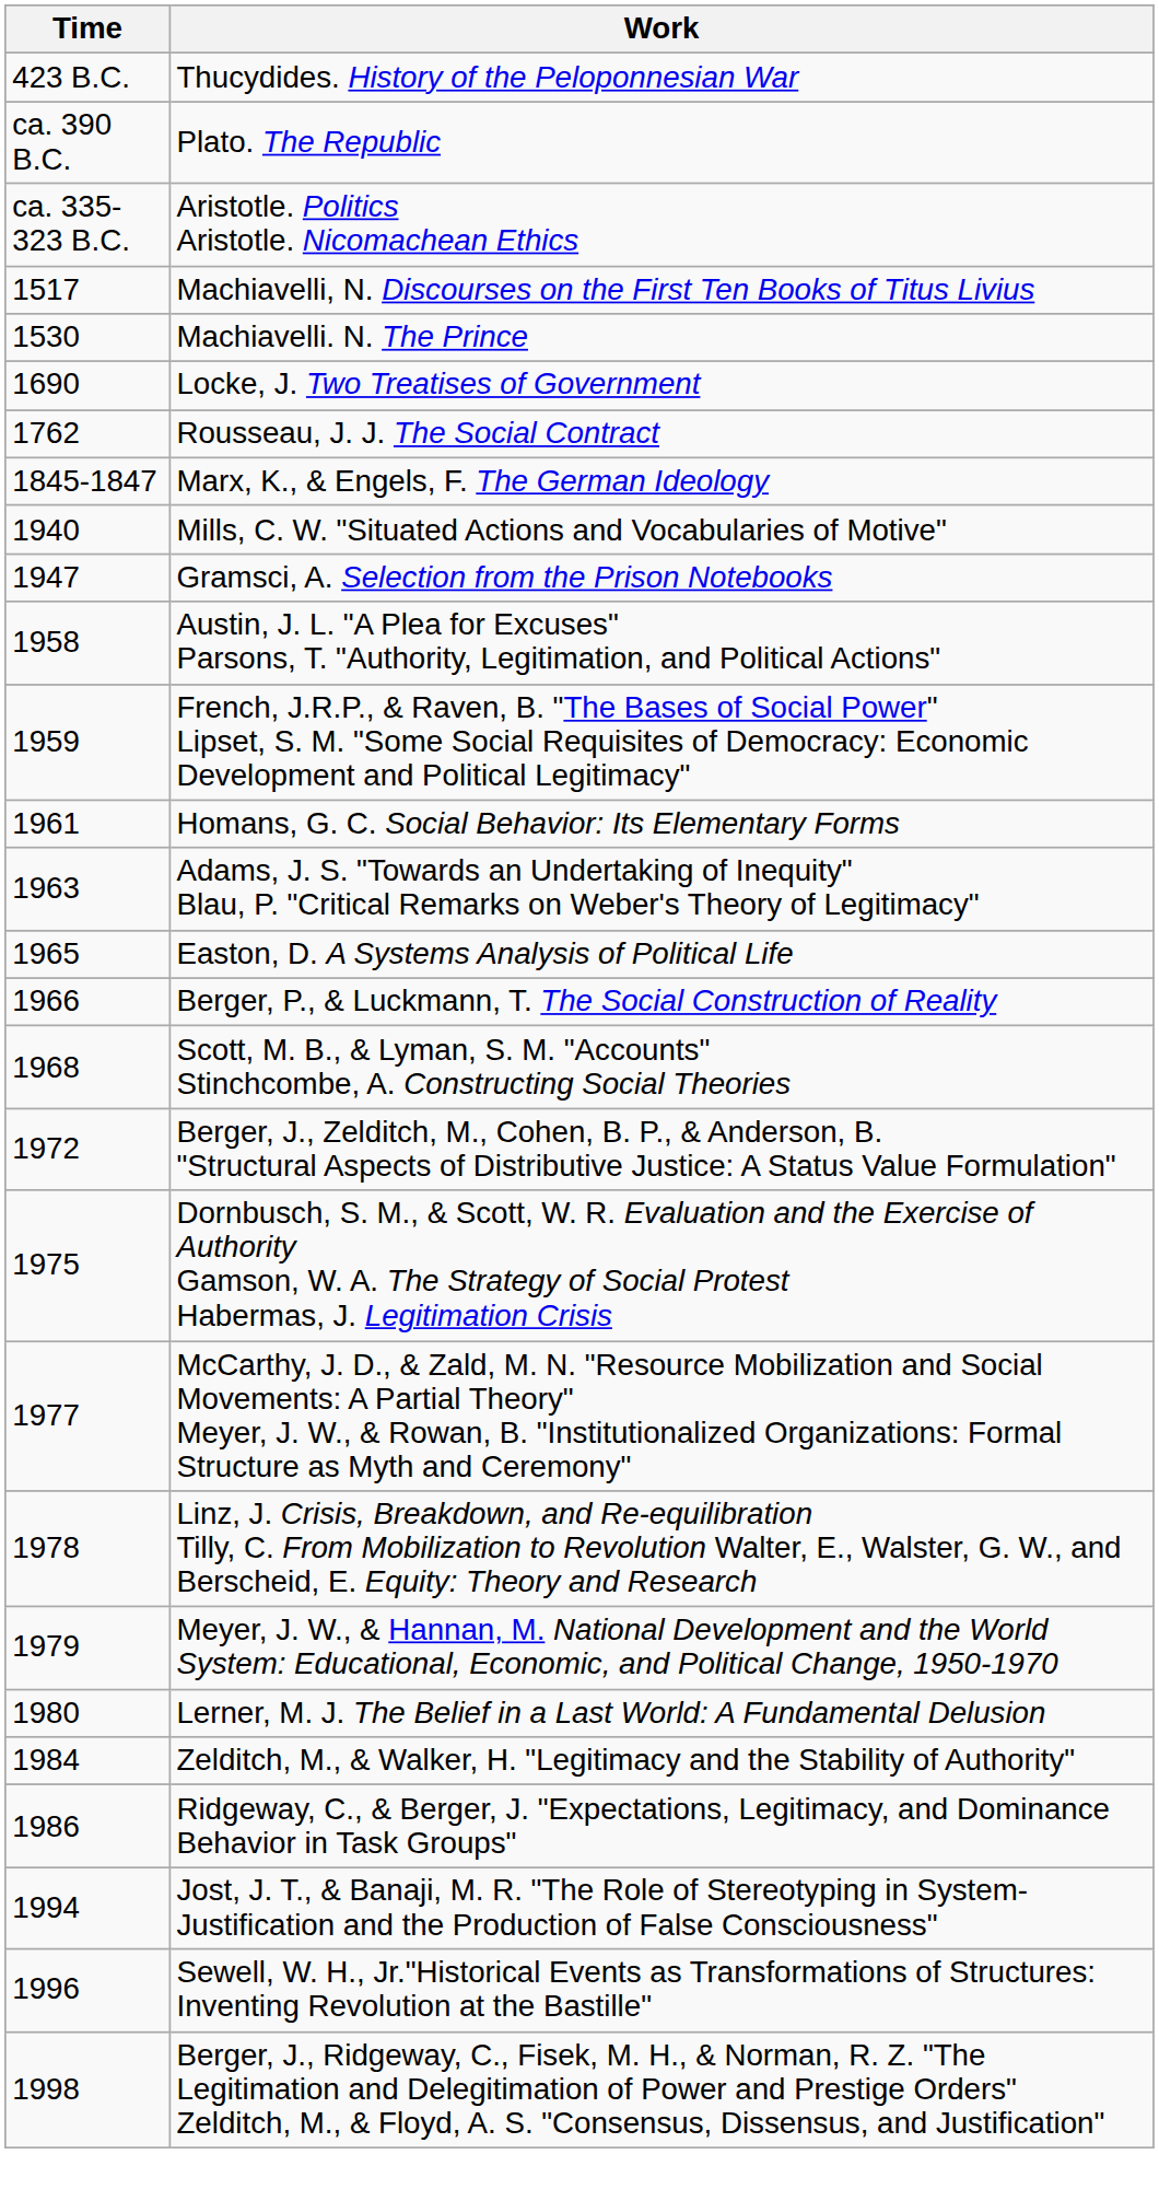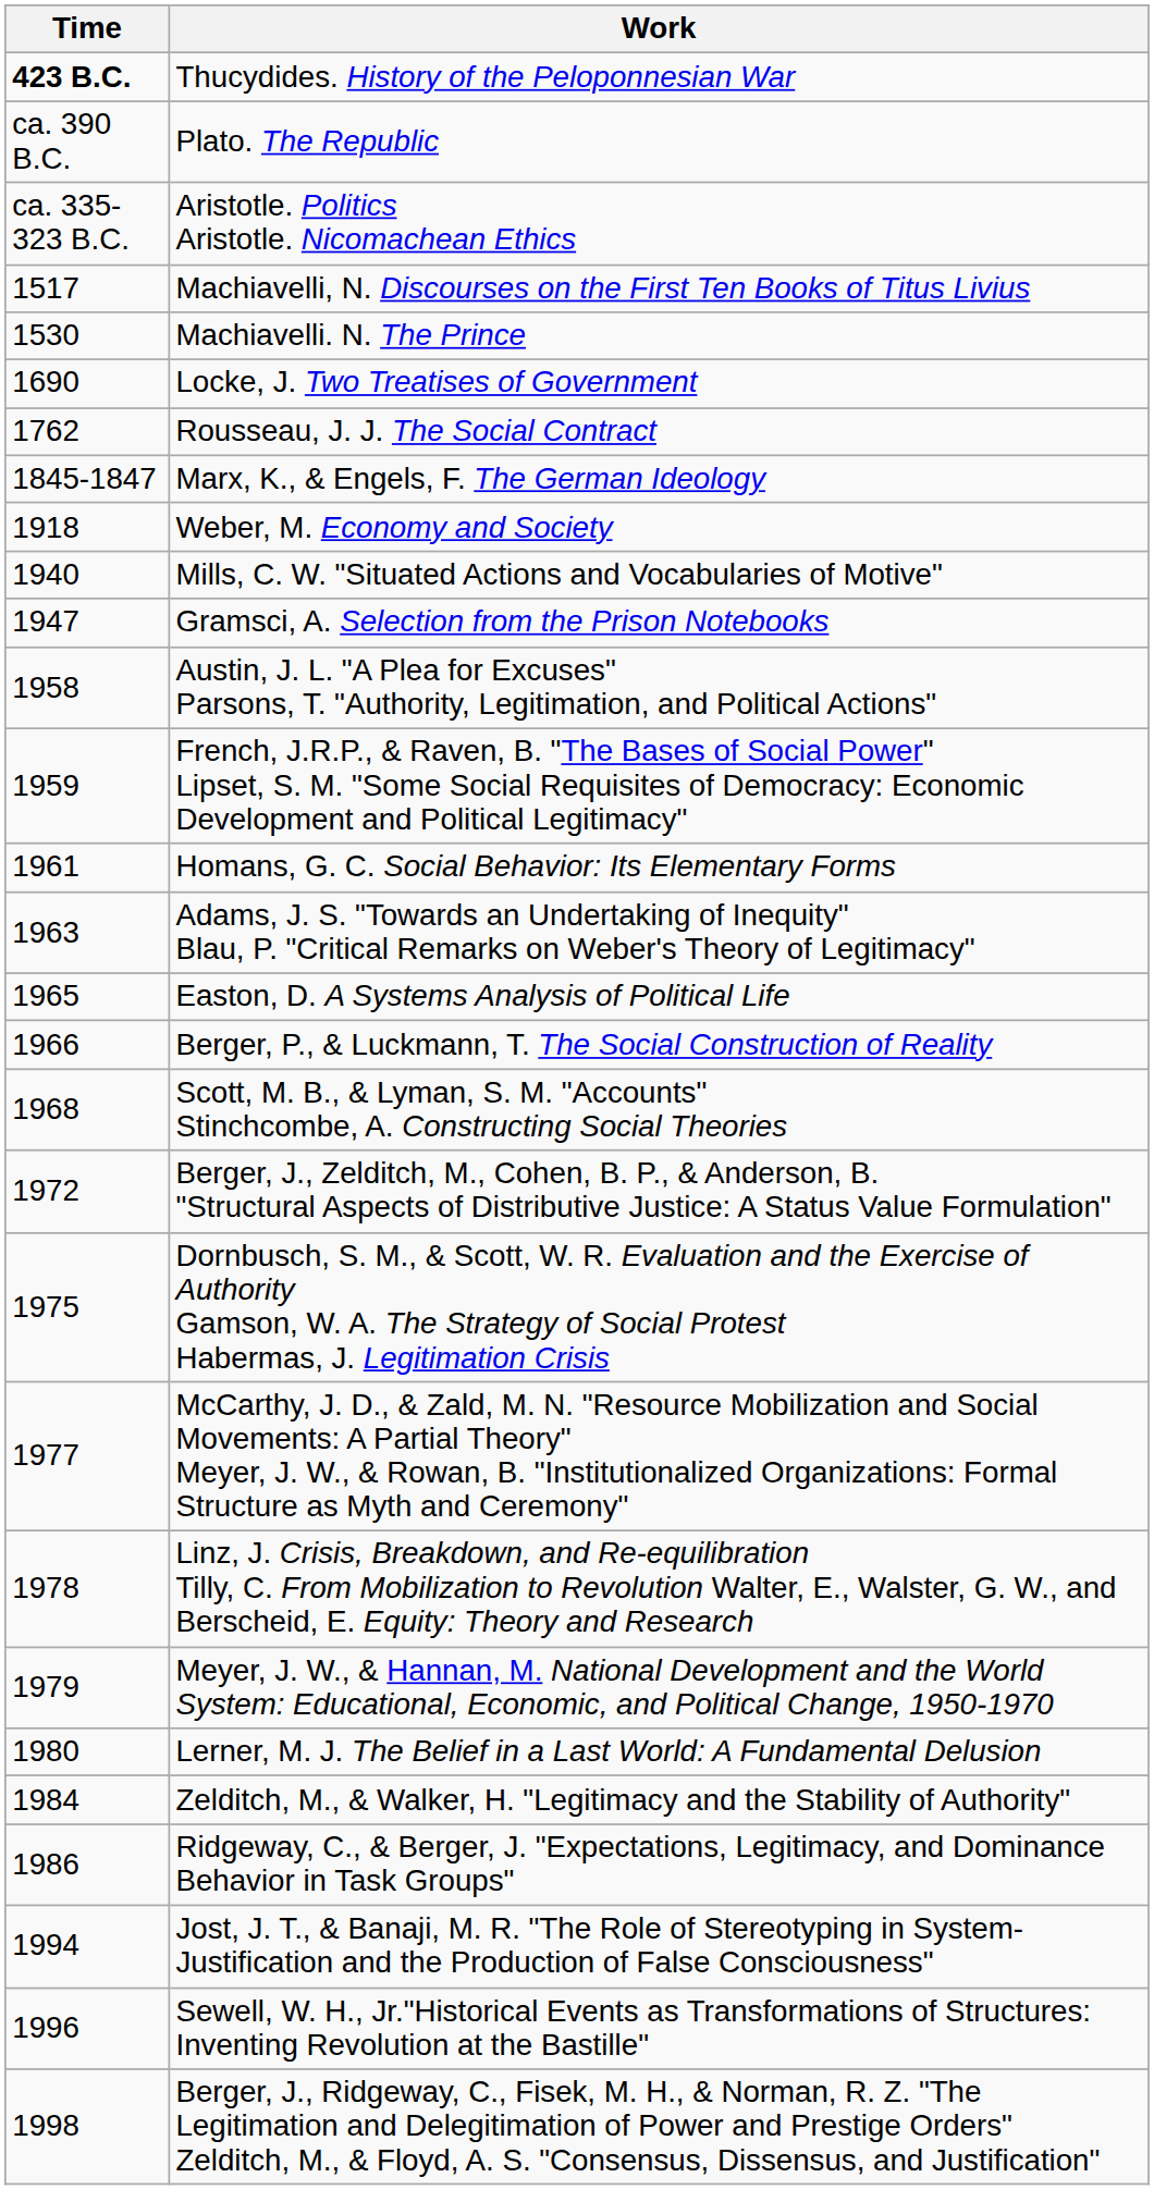 <table class="wikitable">
 <tr>
 <th>Time</th>
 <th>Work</th>
 </tr>
 <tr>
-<td>423 B.C.</td>
+<td><strong>423 B.C.</strong></td>
 <td>Thucydides. <em><a href='#'>History of the Peloponnesian War</a></em></td>
 </tr>
 <tr>
 <td>ca. 390 B.C.</td>
 <td>Plato. <em><a href='#'>The Republic</a></em></td>
 </tr>
 <tr>
 <td>ca. 335-323 B.C.</td>
 <td>Aristotle. <em><a href='#'>Politics</a></em><br>Aristotle. <em><a href='#'>Nicomachean Ethics</a></em></td>
 </tr>
 <tr>
 <td>1517</td>
 <td>Machiavelli, N. <em><a href='#'>Discourses on the First Ten Books of Titus Livius</a></em></td>
 </tr>
 <tr>
 <td>1530</td>
 <td>Machiavelli. N. <em><a href='#'>The Prince</a></em></td>
 </tr>
 <tr>
 <td>1690</td>
 <td>Locke, J. <em><a href='#'>Two Treatises of Government</a></em></td>
 </tr>
 <tr>
 <td>1762</td>
 <td>Rousseau, J. J. <em><a href='#'>The Social Contract</a></em></td>
 </tr>
 <tr>
 <td>1845-1847</td>
 <td>Marx, K., & Engels, F. <em><a href='#'>The German Ideology</a></em></td>
+</tr>
+<tr>
+<td>1918</td>
+<td>Weber, M. <em><a href='#'>Economy and Society</a></em></td>
 </tr>
 <tr>
 <td>1940</td>
 <td>Mills, C. W. "Situated Actions and Vocabularies of Motive"</td>
 </tr>
 <tr>
 <td>1947</td>
 <td>Gramsci, A. <em><a href='#'>Selection from the Prison Notebooks</a></em></td>
 </tr>
 <tr>
 <td>1958</td>
 <td>Austin, J. L. "A Plea for Excuses"<br>Parsons, T. "Authority, Legitimation, and Political Actions"</td>
 </tr>
 <tr>
 <td>1959</td>
 <td>French, J.R.P., & Raven, B. "<a href='#'>The Bases of Social Power</a>"<br>Lipset, S. M. "Some Social Requisites of Democracy: Economic Development and Political Legitimacy"</td>
 </tr>
 <tr>
 <td>1961</td>
 <td>Homans, G. C. <em>Social Behavior: Its Elementary Forms</em></td>
 </tr>
 <tr>
 <td>1963</td>
 <td>Adams, J. S. "Towards an Undertaking of Inequity"<br>Blau, P. "Critical Remarks on Weber's Theory of Legitimacy"</td>
 </tr>
 <tr>
 <td>1965</td>
 <td>Easton, D. <em>A Systems Analysis of Political Life</em></td>
 </tr>
 <tr>
 <td>1966</td>
 <td>Berger, P., & Luckmann, T. <em><a href='#'>The Social Construction of Reality</a></em></td>
 </tr>
 <tr>
 <td>1968</td>
 <td>Scott, M. B., & Lyman, S. M. "Accounts"<br>Stinchcombe, A. <em>Constructing Social Theories</em></td>
 </tr>
 <tr>
 <td>1972</td>
 <td>Berger, J., Zelditch, M., Cohen, B. P., & Anderson, B.<br>"Structural Aspects of Distributive Justice: A Status Value Formulation"</td>
 </tr>
 <tr>
 <td>1975</td>
 <td>Dornbusch, S. M., & Scott, W. R. <em>Evaluation and the Exercise of Authority</em><br>Gamson, W. A. <em>The Strategy of Social Protest</em><br>Habermas, J. <em><a href='#'>Legitimation Crisis</a></em></td>
 </tr>
 <tr>
 <td>1977</td>
 <td>McCarthy, J. D., & Zald, M. N. "Resource Mobilization and Social Movements: A Partial Theory"<br>Meyer, J. W., & Rowan, B. "Institutionalized Organizations: Formal Structure as Myth and Ceremony"</td>
 </tr>
 <tr>
 <td>1978</td>
 <td>Linz, J. <em>Crisis, Breakdown, and Re-equilibration</em><br>Tilly, C. <em>From Mobilization to Revolution</em>  Walter, E., Walster, G. W., and Berscheid, E. <em>Equity: Theory and Research</em></td>
 </tr>
 <tr>
 <td>1979</td>
 <td>Meyer, J. W., & <a href='#'>Hannan, M.</a> <em>National Development and the World System: Educational, Economic, and Political Change, 1950-1970</em></td>
 </tr>
 <tr>
 <td>1980</td>
 <td>Lerner, M. J. <em>The Belief in a Last World: A Fundamental Delusion</em></td>
 </tr>
 <tr>
 <td>1984</td>
 <td>Zelditch, M., & Walker, H. "Legitimacy and the Stability of Authority"</td>
 </tr>
 <tr>
 <td>1986</td>
 <td>Ridgeway, C., & Berger, J. "Expectations, Legitimacy, and Dominance Behavior in Task Groups"</td>
 </tr>
 <tr>
 <td>1994</td>
 <td>Jost, J. T., & Banaji, M. R. "The Role of Stereotyping in System-Justification and the Production of False Consciousness"</td>
 </tr>
 <tr>
 <td>1996</td>
 <td>Sewell, W. H., Jr."Historical Events as Transformations of Structures: Inventing Revolution at the Bastille"</td>
 </tr>
 <tr>
 <td>1998</td>
 <td>Berger, J., Ridgeway, C., Fisek, M. H., & Norman, R. Z. "The Legitimation and Delegitimation of Power and Prestige Orders"<br>Zelditch, M., & Floyd, A. S. "Consensus, Dissensus, and Justification"</td>
 </tr>
 </table>
